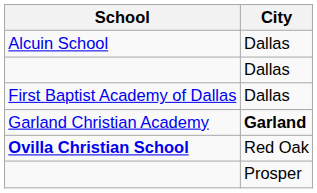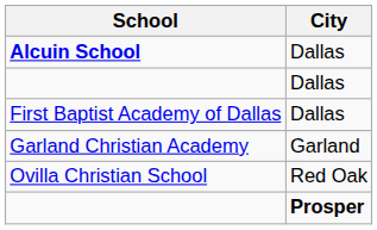 <table class="wikitable">
 <tr>
 <th>School</th>
 <th>City</th>
 </tr>
 <tr>
-<td><a href='#'>Alcuin School</a></td>
+<td><strong><a href='#'>Alcuin School</a></strong></td>
 <td>Dallas</td>
 </tr>
 <tr>
 <td></td>
 <td>Dallas</td>
 </tr>
 <tr>
 <td><a href='#'>First Baptist Academy of Dallas</a></td>
 <td>Dallas</td>
 </tr>
 <tr>
 <td><a href='#'>Garland Christian Academy</a></td>
-<td><strong>Garland</strong></td>
+<td>Garland</td>
 </tr>
 <tr>
-<td><strong><a href='#'>Ovilla Christian School</a></strong></td>
+<td><a href='#'>Ovilla Christian School</a></td>
 <td>Red Oak</td>
 </tr>
 <tr>
 <td></td>
-<td>Prosper</td>
+<td><strong>Prosper</strong></td>
 </tr>
 </table>
